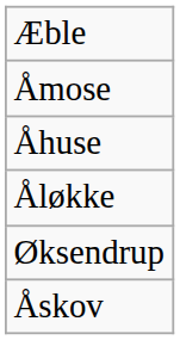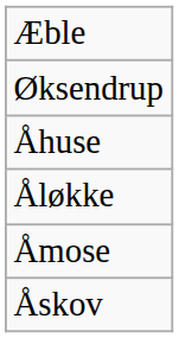 <table class="wikitable" style="float:left; margin-right:1em">
 <tr>
 <td>Æble</td>
 </tr>
 <tr>
-<td>Åmose</td>
+<td>Øksendrup</td>
 </tr>
 <tr>
 <td>Åhuse</td>
 </tr>
 <tr>
 <td>Åløkke</td>
 </tr>
 <tr>
-<td>Øksendrup</td>
+<td>Åmose</td>
 </tr>
 <tr>
 <td>Åskov</td>
 </tr>
 </table>
